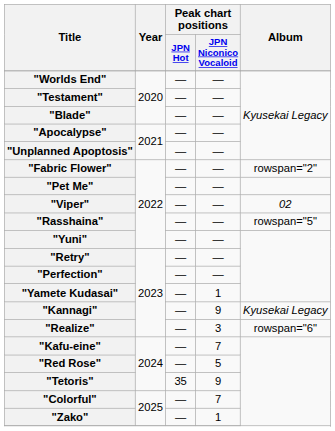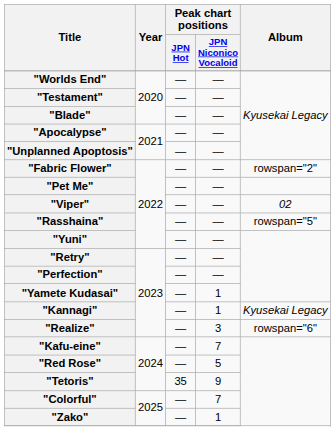 <table class="wikitable plainrowheaders" style="text-align:center;">
 <tr>
 <th scope="col" rowspan="2">Title</th>
 <th scope="col" rowspan="2">Year</th>
 <th scope="col" colspan="2">Peak chart positions</th>
 <th scope="col" rowspan="2">Album</th>
 </tr>
 <tr>
 <th scope="col" style="width:2.7em;font-size:85%;"><a href='#'>JPN<br>Hot</a><br></th>
 <th scope="col" style="width:2.7em;font-size:85%;"><a href='#'>JPN<br>Niconico Vocaloid</a><br></th>
 </tr>
 <tr style="font-size:smaller;">
 </tr>
 <tr>
 <th scope="row">"Worlds End"</th>
 <td rowspan="3">2020</td>
 <td>—</td>
 <td>—</td>
 <td rowspan="5"><em>Kyusekai Legacy</em></td>
 </tr>
 <tr>
 <th scope="row">"Testament"</th>
 <td>—</td>
 <td>—</td>
 </tr>
 <tr>
 <th scope="row">"Blade"</th>
 <td>—</td>
 <td>—</td>
 </tr>
 <tr>
 <th scope="row">"Apocalypse"</th>
 <td rowspan="2">2021</td>
 <td>—</td>
 <td>—</td>
 </tr>
 <tr>
 <th scope="row">"Unplanned Apoptosis"</th>
 <td>—</td>
 <td>—</td>
 </tr>
 <tr>
 <th scope="row">"Fabric Flower"</th>
 <td rowspan="5">2022</td>
 <td>—</td>
 <td>—</td>
 <td>rowspan="2" </td>
 </tr>
 <tr>
 <th scope="row">"Pet Me"</th>
 <td>—</td>
 <td>—</td>
 </tr>
 <tr>
 <th scope="row">"Viper"<br></th>
 <td>—</td>
 <td>—</td>
 <td><em>02</em></td>
 </tr>
 <tr>
 <th scope="row">"Rasshaina"</th>
 <td>—</td>
 <td>—</td>
 <td>rowspan="5" </td>
 </tr>
 <tr>
 <th scope="row">"Yuni"</th>
 <td>—</td>
 <td>—</td>
 </tr>
 <tr>
 <th scope="row">"Retry"</th>
 <td rowspan="5">2023</td>
 <td>—</td>
 <td>—</td>
 </tr>
 <tr>
 <th scope="row">"Perfection"</th>
 <td>—</td>
 <td>—</td>
 </tr>
 <tr>
 <th scope="row">"Yamete Kudasai"</th>
 <td>—</td>
 <td>1</td>
 </tr>
 <tr>
 <th scope="row">"Kannagi"</th>
 <td>—</td>
-<td>9</td>
+<td>1</td>
 <td><em>Kyusekai Legacy</em></td>
 </tr>
 <tr>
 <th scope="row">"Realize"</th>
 <td>—</td>
 <td>3</td>
 <td>rowspan="6" </td>
 </tr>
 <tr>
 <th scope="row">"Kafu-eine"</th>
 <td rowspan="3">2024</td>
 <td>—</td>
 <td>7</td>
 </tr>
 <tr>
 <th scope="row">"Red Rose"</th>
 <td>—</td>
 <td>5</td>
 </tr>
 <tr>
 <th scope="row">"Tetoris"</th>
 <td>35</td>
 <td>9</td>
 </tr>
 <tr>
 <th scope="row">"Colorful"</th>
 <td rowspan="2">2025</td>
 <td>—</td>
 <td>7</td>
 </tr>
 <tr>
 <th scope="row">"Zako"</th>
 <td>—</td>
 <td>1</td>
 </tr>
 <tr>
 </tr>
 </table>
